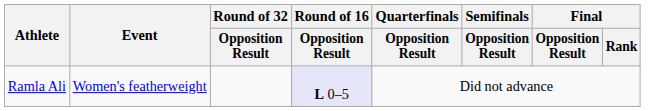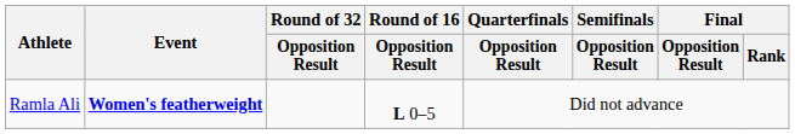 <table class="wikitable" style="font-size:90%">
 <tr>
 <th rowspan="2">Athlete</th>
 <th rowspan="2">Event</th>
 <th>Round of 32</th>
 <th>Round of 16</th>
 <th>Quarterfinals</th>
 <th>Semifinals</th>
 <th colspan=2>Final</th>
 </tr>
 <tr style="font-size:95%">
 <th>Opposition<br>Result</th>
 <th>Opposition<br>Result</th>
 <th>Opposition<br>Result</th>
 <th>Opposition<br>Result</th>
 <th>Opposition<br>Result</th>
 <th>Rank</th>
 </tr>
 <tr align=center>
 <td align=left><a href='#'>Ramla Ali</a></td>
-<td align=left><a href='#'>Women's featherweight</a></td>
+<td align=left><strong><a href='#'>Women's featherweight</a></strong></td>
 <td></td>
-<td style="background: lavender;"><br><strong>L</strong> 0–5</td>
+<td><br><strong>L</strong> 0–5</td>
 <td colspan=4>Did not advance</td>
 </tr>
 </table>
